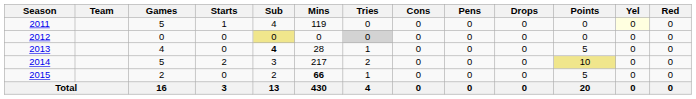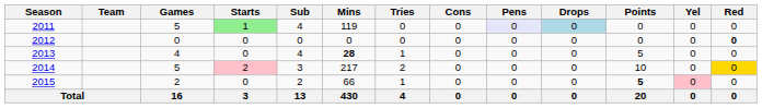 <table class="wikitable" style="text-align:center; line-height:90%; font-size:95%; width:70%;">
 <tr>
 <th>Season</th>
 <th>Team</th>
 <th>Games</th>
 <th>Starts</th>
 <th>Sub</th>
 <th>Mins</th>
 <th>Tries</th>
 <th>Cons</th>
 <th>Pens</th>
 <th>Drops</th>
 <th>Points</th>
 <th>Yel</th>
 <th>Red</th>
 </tr>
 <tr>
 <td><a href='#'>2011</a></td>
 <td></td>
 <td>5</td>
-<td>1</td>
+<td style="background: lightgreen;">1</td>
 <td>4</td>
 <td>119</td>
 <td>0</td>
 <td>0</td>
+<td style="background: lavender;">0</td>
+<td style="background: lightblue;">0</td>
 <td>0</td>
 <td>0</td>
-<td>0</td>
-<td style="background: lightyellow;">0</td>
 <td>0</td>
 </tr>
 <tr>
 <td><a href='#'>2012</a></td>
 <td></td>
 <td>0</td>
 <td>0</td>
-<td style="background: khaki;">0</td>
-<td>0</td>
-<td style="background: lightgrey;">0</td>
 <td>0</td>
 <td>0</td>
 <td>0</td>
 <td>0</td>
 <td>0</td>
 <td>0</td>
+<td>0</td>
+<td>0</td>
+<td><strong>0</strong></td>
 </tr>
 <tr>
 <td><a href='#'>2013</a></td>
 <td></td>
 <td>4</td>
 <td>0</td>
-<td><strong>4</strong></td>
-<td>28</td>
+<td>4</td>
+<td><strong>28</strong></td>
 <td>1</td>
 <td>0</td>
 <td>0</td>
 <td>0</td>
 <td>5</td>
 <td>0</td>
 <td>0</td>
 </tr>
 <tr>
 <td><a href='#'>2014</a></td>
 <td></td>
 <td>5</td>
-<td>2</td>
+<td style="background: pink;">2</td>
 <td>3</td>
 <td>217</td>
 <td>2</td>
 <td>0</td>
 <td>0</td>
 <td>0</td>
-<td style="background: khaki;">10</td>
+<td>10</td>
 <td>0</td>
-<td>0</td>
+<td style="background: gold;">0</td>
 </tr>
 <tr>
 <td><a href='#'>2015</a></td>
 <td></td>
 <td>2</td>
 <td>0</td>
 <td>2</td>
-<td><strong>66</strong></td>
+<td>66</td>
 <td>1</td>
 <td>0</td>
 <td>0</td>
 <td>0</td>
-<td>5</td>
-<td>0</td>
+<td><strong>5</strong></td>
+<td style="background: pink;">0</td>
 <td>0</td>
 </tr>
 <tr>
 <th colspan="2">Total</th>
 <th>16</th>
 <th>3</th>
 <th>13</th>
 <th>430</th>
 <th>4</th>
 <th>0</th>
 <th>0</th>
 <th>0</th>
 <th>20</th>
 <th>0</th>
 <th>0</th>
 </tr>
 </table>
